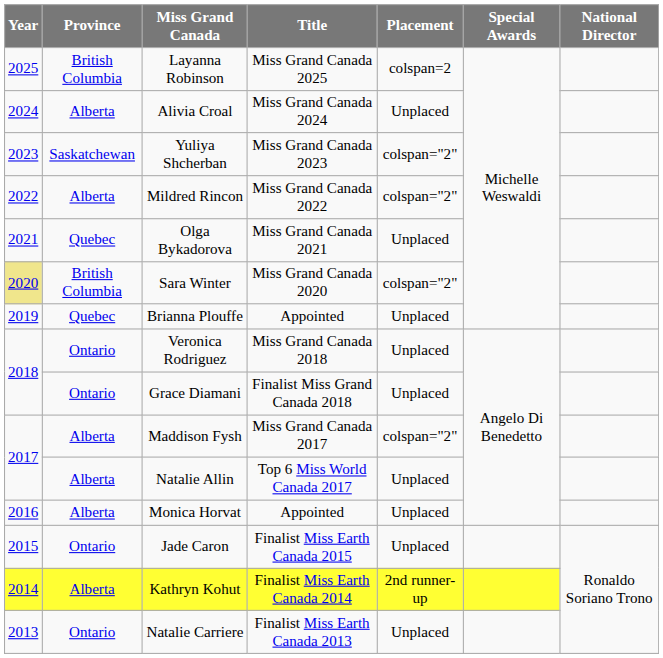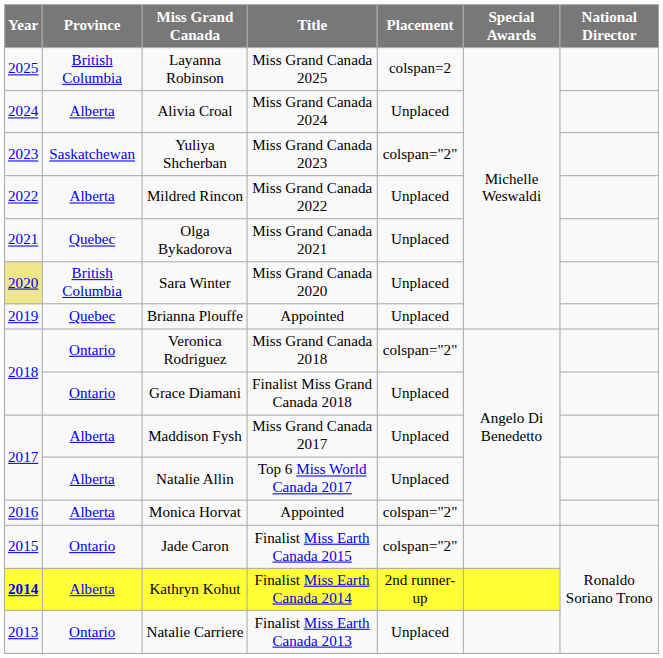 <table class="wikitable" style="font-size: 90%; text-align:center; width:100%">
 <tr>
 <th style="background-color:#787878;color:#FFFFFF;">Year</th>
 <th style="background-color:#787878;color:#FFFFFF;">Province</th>
 <th style="background-color:#787878;color:#FFFFFF;">Miss Grand Canada</th>
 <th style="background-color:#787878;color:#FFFFFF;">Title</th>
 <th style="background-color:#787878;color:#FFFFFF;">Placement</th>
 <th style="background-color:#787878;color:#FFFFFF;">Special Awards</th>
 <th style="background-color:#787878;color:#FFFFFF;">National Director</th>
 </tr>
 <tr>
 <td><a href='#'>2025</a></td>
 <td><a href='#'>British Columbia</a></td>
 <td>Layanna Robinson</td>
 <td>Miss Grand Canada 2025</td>
 <td>colspan=2 </td>
 <td rowspan=7>Michelle Weswaldi</td>
 </tr>
 <tr>
 <td><a href='#'>2024</a></td>
 <td><a href='#'>Alberta</a></td>
 <td>Alivia Croal</td>
 <td>Miss Grand Canada 2024</td>
 <td>Unplaced</td>
 <td></td>
 </tr>
 <tr>
 <td><a href='#'>2023</a></td>
 <td><a href='#'>Saskatchewan</a></td>
 <td>Yuliya Shcherban</td>
 <td>Miss Grand Canada 2023</td>
 <td>colspan="2" </td>
 <td></td>
 </tr>
 <tr>
 <td><a href='#'>2022</a></td>
 <td><a href='#'>Alberta</a></td>
 <td>Mildred Rincon</td>
 <td>Miss Grand Canada 2022</td>
-<td>colspan="2" </td>
+<td>Unplaced</td>
 <td></td>
 </tr>
 <tr>
 <td><a href='#'>2021</a></td>
 <td><a href='#'>Quebec</a></td>
 <td>Olga Bykadorova</td>
 <td>Miss Grand Canada 2021</td>
 <td>Unplaced</td>
 <td></td>
 </tr>
 <tr>
 <td style="background: khaki;"><a href='#'>2020</a></td>
 <td><a href='#'>British Columbia</a></td>
 <td>Sara Winter</td>
 <td>Miss Grand Canada 2020</td>
-<td>colspan="2" </td>
+<td>Unplaced</td>
 <td></td>
 </tr>
 <tr>
 <td><a href='#'>2019</a></td>
 <td><a href='#'>Quebec</a></td>
 <td>Brianna Plouffe</td>
 <td>Appointed</td>
 <td>Unplaced</td>
 <td></td>
 </tr>
 <tr>
 <td rowspan=2><a href='#'>2018</a></td>
 <td><a href='#'>Ontario</a></td>
 <td>Veronica Rodriguez</td>
 <td>Miss Grand Canada 2018</td>
-<td>Unplaced</td>
+<td>colspan="2" </td>
 <td rowspan=5>Angelo Di Benedetto</td>
 </tr>
 <tr>
 <td><a href='#'>Ontario</a></td>
 <td>Grace Diamani</td>
 <td>Finalist Miss Grand Canada 2018</td>
 <td>Unplaced</td>
 <td></td>
 </tr>
 <tr>
 <td rowspan=2><a href='#'>2017</a></td>
 <td><a href='#'>Alberta</a></td>
 <td>Maddison Fysh</td>
 <td>Miss Grand Canada 2017</td>
-<td>colspan="2" </td>
+<td>Unplaced</td>
 </tr>
 <tr>
 <td><a href='#'>Alberta</a></td>
 <td>Natalie Allin</td>
 <td>Top 6 <a href='#'>Miss World Canada 2017</a></td>
 <td>Unplaced</td>
 <td></td>
 </tr>
 <tr>
 <td><a href='#'>2016</a></td>
 <td><a href='#'>Alberta</a></td>
 <td>Monica Horvat</td>
 <td>Appointed</td>
-<td>Unplaced</td>
+<td>colspan="2" </td>
 <td></td>
 </tr>
 <tr>
 <td><a href='#'>2015</a></td>
 <td><a href='#'>Ontario</a></td>
 <td>Jade Caron</td>
 <td>Finalist <a href='#'>Miss Earth Canada 2015</a></td>
-<td>Unplaced</td>
+<td>colspan="2" </td>
 <td></td>
 <td rowspan=3>Ronaldo Soriano Trono</td>
 </tr>
 <tr bgcolor=#FFFF33>
-<td><a href='#'>2014</a></td>
+<td><strong><a href='#'>2014</a></strong></td>
 <td><a href='#'>Alberta</a></td>
 <td>Kathryn Kohut</td>
 <td>Finalist <a href='#'>Miss Earth Canada 2014</a></td>
 <td>2nd runner-up</td>
 <td></td>
 </tr>
 <tr>
 <td><a href='#'>2013</a></td>
 <td><a href='#'>Ontario</a></td>
 <td>Natalie Carriere</td>
 <td>Finalist <a href='#'>Miss Earth Canada 2013</a></td>
 <td>Unplaced</td>
 <td></td>
 </tr>
 </table>
